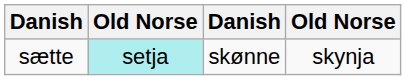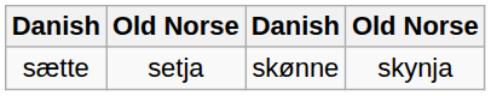 <table class="wikitable floatright" style="text-align:center;">
 <tr>
 <th>Danish</th>
 <th>Old Norse</th>
 <th>Danish</th>
 <th>Old Norse</th>
 </tr>
 <tr>
 <td>sætte</td>
-<td style="background: paleturquoise;">setja</td>
+<td>setja</td>
 <td>skønne</td>
 <td>skynja</td>
 </tr>
 </table>
